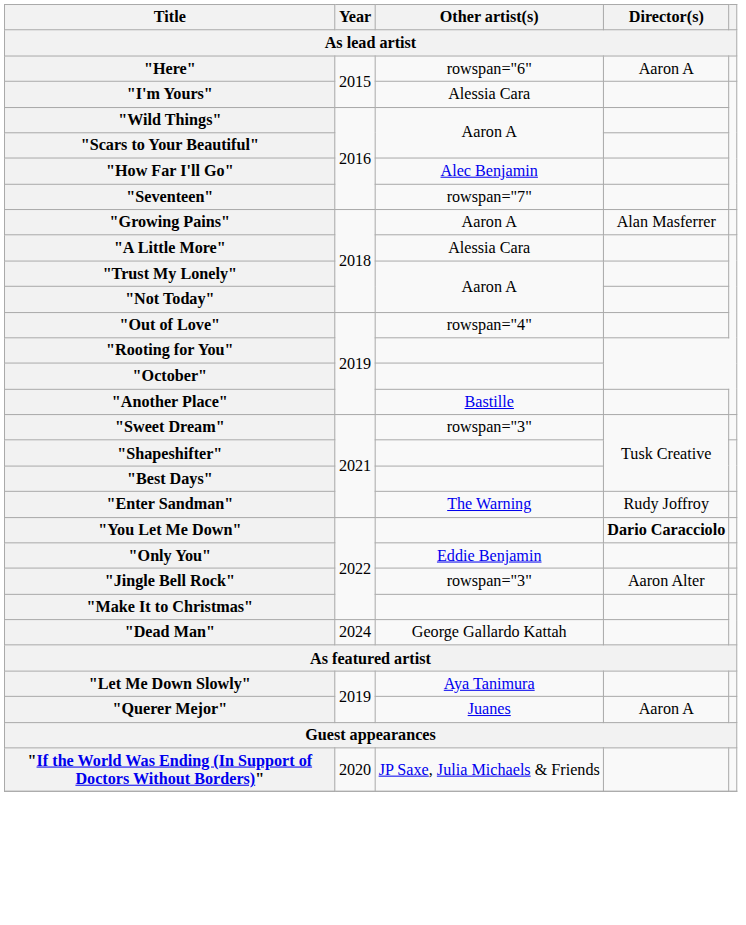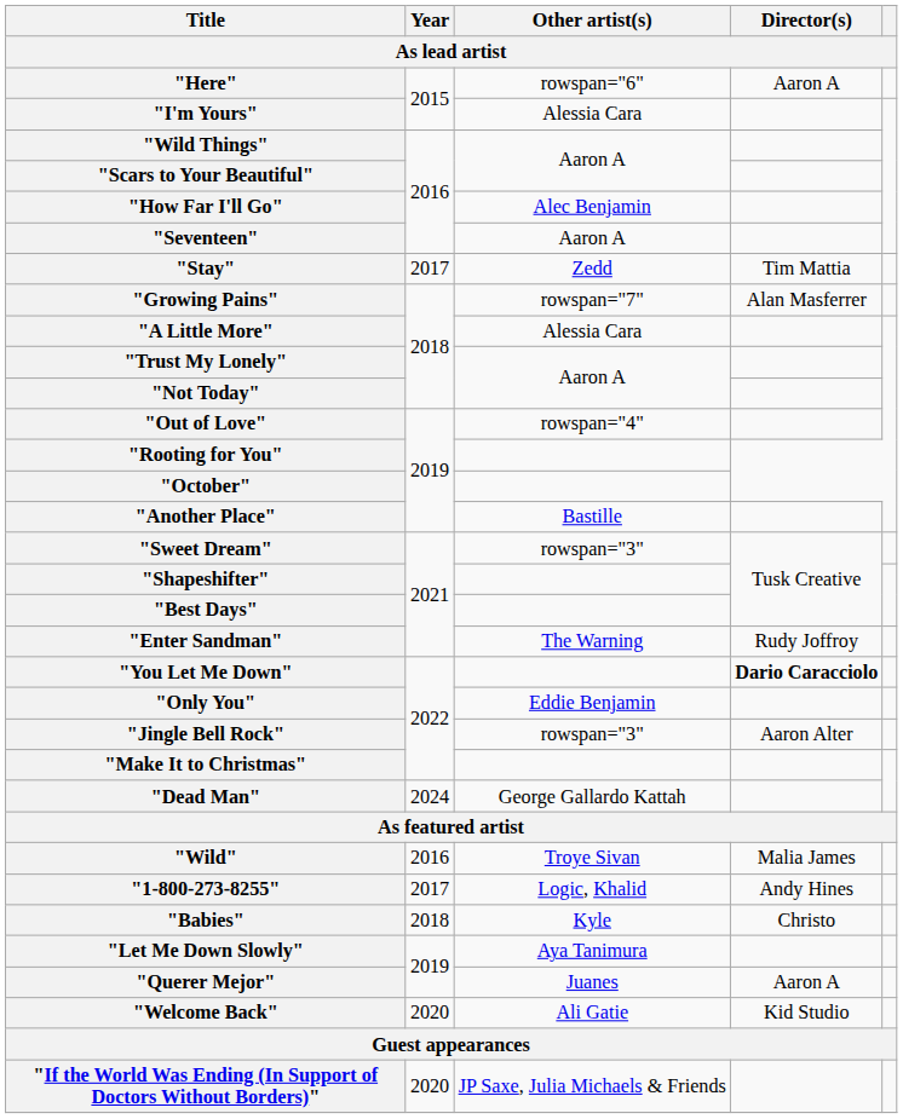 <table class="wikitable plainrowheaders" style="text-align:center;">
 <tr>
 <th scope="col" style="width:20em;">Title</th>
 <th scope="col" style="width:1em;">Year</th>
 <th scope="col">Other artist(s)</th>
 <th scope="col">Director(s)</th>
 <th scope="col"></th>
 </tr>
 <tr>
 <th scope="col" colspan="5">As lead artist</th>
 </tr>
 <tr>
 <th scope="row">"Here"</th>
 <td rowspan="2">2015</td>
 <td>rowspan="6" </td>
 <td>Aaron A</td>
 <td></td>
 </tr>
 <tr>
 <th scope="row">"I'm Yours"</th>
 <td>Alessia Cara</td>
 <td></td>
 </tr>
 <tr>
 <th scope="row">"Wild Things"</th>
 <td rowspan="4">2016</td>
 <td rowspan="2">Aaron A</td>
 <td></td>
 </tr>
 <tr>
 <th scope="row">"Scars to Your Beautiful"</th>
 <td></td>
 </tr>
 <tr>
 <th scope="row">"How Far I'll Go"</th>
 <td><a href='#'>Alec Benjamin</a></td>
 <td></td>
 </tr>
 <tr>
 <th scope="row">"Seventeen"</th>
-<td>rowspan="7" </td>
+<td>Aaron A</td>
+<td></td>
+</tr>
+<tr>
+<th scope="row">"Stay"</th>
+<td>2017</td>
+<td><a href='#'>Zedd</a></td>
+<td>Tim Mattia</td>
 <td></td>
 </tr>
 <tr>
 <th scope="row">"Growing Pains"</th>
 <td rowspan="4">2018</td>
-<td>Aaron A</td>
+<td>rowspan="7" </td>
 <td>Alan Masferrer</td>
 <td></td>
 </tr>
 <tr>
 <th scope="row">"A Little More"</th>
 <td>Alessia Cara</td>
 <td></td>
 </tr>
 <tr>
 <th scope="row">"Trust My Lonely"</th>
 <td rowspan="2">Aaron A</td>
 <td></td>
 </tr>
 <tr>
 <th scope="row">"Not Today"</th>
 <td></td>
 </tr>
 <tr>
 <th scope="row">"Out of Love"</th>
 <td rowspan="4">2019</td>
 <td>rowspan="4" </td>
 <td></td>
 </tr>
 <tr>
 <th scope="row">"Rooting for You"</th>
 <td></td>
 </tr>
 <tr>
 <th scope="row">"October"</th>
 <td></td>
 </tr>
 <tr>
 <th scope="row">"Another Place"</th>
 <td><a href='#'>Bastille</a></td>
 <td></td>
 </tr>
 <tr>
 <th scope="row">"Sweet Dream"</th>
 <td rowspan="4">2021</td>
 <td>rowspan="3" </td>
 <td rowspan="3">Tusk Creative</td>
 <td></td>
 </tr>
 <tr>
 <th scope="row">"Shapeshifter"</th>
 <td></td>
 </tr>
 <tr>
 <th scope="row">"Best Days"</th>
 <td></td>
 </tr>
 <tr>
 <th scope="row">"Enter Sandman"</th>
 <td><a href='#'>The Warning</a></td>
 <td>Rudy Joffroy</td>
 <td></td>
 </tr>
 <tr>
 <th scope="row">"You Let Me Down"</th>
 <td rowspan="4">2022</td>
 <td></td>
 <td><strong>Dario Caracciolo</strong></td>
 <td></td>
 </tr>
 <tr>
 <th scope="row">"Only You"</th>
 <td><a href='#'>Eddie Benjamin</a></td>
 <td></td>
 <td></td>
 </tr>
 <tr>
 <th scope="row">"Jingle Bell Rock"</th>
 <td>rowspan="3" </td>
 <td>Aaron Alter</td>
 <td></td>
 </tr>
 <tr>
 <th scope="row">"Make It to Christmas"</th>
 <td></td>
 <td></td>
 </tr>
 <tr>
 <th scope="row">"Dead Man"</th>
 <td>2024</td>
 <td>George Gallardo Kattah</td>
 <td></td>
 </tr>
 <tr>
 <th scope="col" colspan="5">As featured artist</th>
 </tr>
 <tr>
+<th scope="row">"Wild"</th>
+<td>2016</td>
+<td><a href='#'>Troye Sivan</a></td>
+<td>Malia James</td>
+<td></td>
+</tr>
+<tr>
+<th scope="row">"1-800-273-8255"</th>
+<td>2017</td>
+<td><a href='#'>Logic</a>, <a href='#'>Khalid</a></td>
+<td>Andy Hines</td>
+<td></td>
+</tr>
+<tr>
+<th scope="row">"Babies"</th>
+<td>2018</td>
+<td><a href='#'>Kyle</a></td>
+<td>Christo</td>
+<td></td>
+</tr>
+<tr>
 <th scope="row">"Let Me Down Slowly"</th>
 <td rowspan="2">2019</td>
 <td><a href='#'>Aya Tanimura</a></td>
 <td></td>
 <td></td>
 </tr>
 <tr>
 <th scope="row">"Querer Mejor"</th>
 <td><a href='#'>Juanes</a></td>
 <td>Aaron A</td>
 <td></td>
+</tr>
+<tr>
+<th scope="row">"Welcome Back"</th>
+<td>2020</td>
+<td><a href='#'>Ali Gatie</a></td>
+<td>Kid Studio</td>
+<td> </td>
 </tr>
 <tr>
 <th scope="col" colspan="5">Guest appearances</th>
 </tr>
 <tr>
 <th scope="row">"<a href='#'>If the World Was Ending (In Support of Doctors Without Borders)</a>"</th>
 <td>2020</td>
 <td><a href='#'>JP Saxe</a>, <a href='#'>Julia Michaels</a> & Friends</td>
 <td></td>
 <td></td>
 </tr>
 <tr>
 </tr>
 </table>
